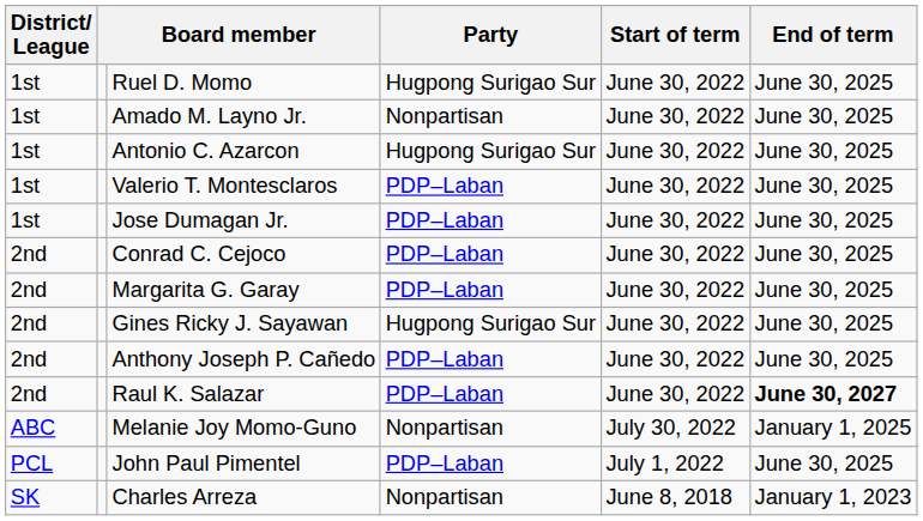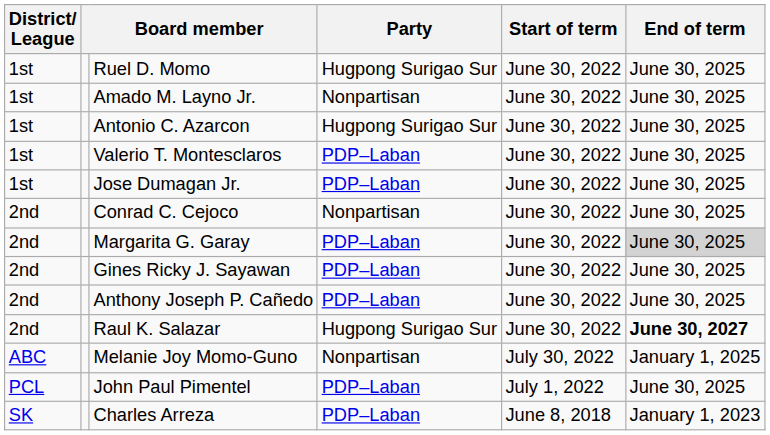 <table class="wikitable">
 <tr>
 <th>District/<br>League</th>
 <th colspan="2">Board member</th>
 <th>Party</th>
 <th>Start of term</th>
 <th>End of term</th>
 </tr>
 <tr>
 <td>1st</td>
 <td bgcolor=></td>
 <td>Ruel D. Momo</td>
 <td>Hugpong Surigao Sur</td>
 <td>June 30, 2022</td>
 <td>June 30, 2025</td>
 </tr>
 <tr>
 <td>1st</td>
 <td bgcolor=></td>
 <td>Amado M. Layno Jr.</td>
 <td>Nonpartisan</td>
 <td>June 30, 2022</td>
 <td>June 30, 2025</td>
 </tr>
 <tr>
 <td>1st</td>
 <td bgcolor=></td>
 <td>Antonio C. Azarcon</td>
 <td>Hugpong Surigao Sur</td>
 <td>June 30, 2022</td>
 <td>June 30, 2025</td>
 </tr>
 <tr>
 <td>1st</td>
 <td bgcolor=></td>
 <td>Valerio T. Montesclaros</td>
 <td><a href='#'>PDP–Laban</a></td>
 <td>June 30, 2022</td>
 <td>June 30, 2025</td>
 </tr>
 <tr>
 <td>1st</td>
 <td></td>
 <td>Jose Dumagan Jr.</td>
 <td><a href='#'>PDP–Laban</a></td>
 <td>June 30, 2022</td>
 <td>June 30, 2025</td>
 </tr>
 <tr>
 <td>2nd</td>
 <td></td>
 <td>Conrad C. Cejoco</td>
-<td><a href='#'>PDP–Laban</a></td>
+<td>Nonpartisan</td>
 <td>June 30, 2022</td>
 <td>June 30, 2025</td>
 </tr>
 <tr>
 <td>2nd</td>
 <td></td>
 <td>Margarita G. Garay</td>
 <td><a href='#'>PDP–Laban</a></td>
 <td>June 30, 2022</td>
-<td>June 30, 2025</td>
+<td style="background: lightgrey;">June 30, 2025</td>
 </tr>
 <tr>
 <td>2nd</td>
 <td></td>
 <td>Gines Ricky J. Sayawan</td>
-<td>Hugpong Surigao Sur</td>
+<td><a href='#'>PDP–Laban</a></td>
 <td>June 30, 2022</td>
 <td>June 30, 2025</td>
 </tr>
 <tr>
 <td>2nd</td>
 <td></td>
 <td>Anthony Joseph P. Cañedo</td>
 <td><a href='#'>PDP–Laban</a></td>
 <td>June 30, 2022</td>
 <td>June 30, 2025</td>
 </tr>
 <tr>
 <td>2nd</td>
 <td></td>
 <td>Raul K. Salazar</td>
-<td><a href='#'>PDP–Laban</a></td>
+<td>Hugpong Surigao Sur</td>
 <td>June 30, 2022</td>
 <td><strong>June 30, 2027</strong></td>
 </tr>
 <tr>
 <td><a href='#'>ABC</a></td>
 <td></td>
 <td>Melanie Joy Momo-Guno</td>
 <td>Nonpartisan</td>
 <td>July 30, 2022</td>
 <td>January 1, 2025</td>
 </tr>
 <tr>
 <td><a href='#'>PCL</a></td>
 <td></td>
 <td>John Paul Pimentel</td>
 <td><a href='#'>PDP–Laban</a></td>
 <td>July 1, 2022</td>
 <td>June 30, 2025</td>
 </tr>
 <tr>
 <td><a href='#'>SK</a></td>
 <td></td>
 <td>Charles Arreza</td>
-<td>Nonpartisan</td>
+<td><a href='#'>PDP–Laban</a></td>
 <td>June 8, 2018</td>
 <td>January 1, 2023</td>
 </tr>
 </table>
